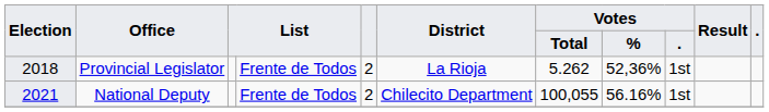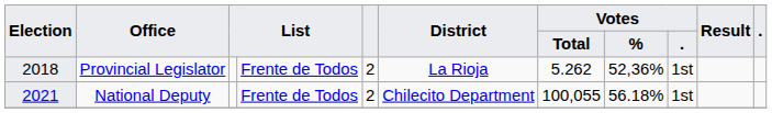 <table class="wikitable" style="font-size:90%; text-align:center;">
 <tr>
 <th style="background-color:#EAECF0;" rowspan=2>Election</th>
 <th style="background-color:#EAECF0;" rowspan=2>Office</th>
 <th style="background-color:#EAECF0;" colspan=2 rowspan=2>List</th>
 <th style="background-color:#EAECF0;" rowspan=2></th>
 <th style="background-color:#EAECF0;" rowspan=2>District</th>
 <th style="background-color:#EAECF0;" colspan=3>Votes</th>
 <th style="background-color:#EAECF0;" rowspan=2>Result</th>
 <th style="background-color:#EAECF0;" rowspan=2>.</th>
 </tr>
 <tr>
 <th style="background-color:#EAECF0;">Total</th>
 <th style="background-color:#EAECF0;">%</th>
 <th style="background-color:#EAECF0;">.</th>
 </tr>
 <tr>
 <td style="background-color:#EAECF0;">2018</td>
 <td><a href='#'>Provincial Legislator</a></td>
 <td style="background-color:"></td>
 <td><a href='#'>Frente de Todos</a></td>
 <td>2</td>
 <td><a href='#'>La Rioja</a></td>
 <td>5.262</td>
 <td>52,36%</td>
 <td>1st</td>
 <td></td>
 <td></td>
 </tr>
 <tr>
 <td style="background-color:#EAECF0;"><a href='#'>2021</a></td>
 <td><a href='#'>National Deputy</a></td>
 <td style="background-color:"></td>
 <td><a href='#'>Frente de Todos</a></td>
 <td>2</td>
 <td><a href='#'>Chilecito Department</a></td>
 <td>100,055</td>
-<td>56.16%</td>
+<td>56.18%</td>
 <td>1st</td>
 <td></td>
 <td></td>
 </tr>
 <tr>
 </tr>
 </table>
